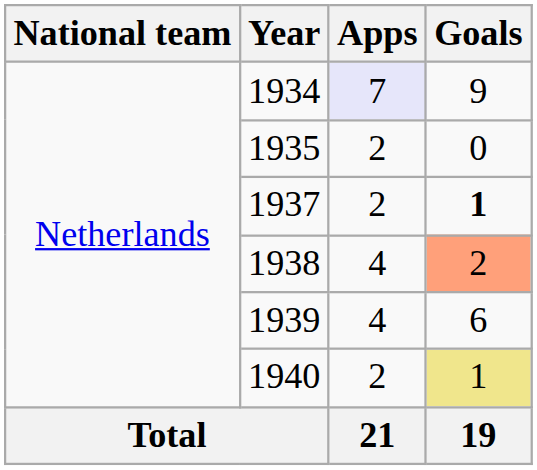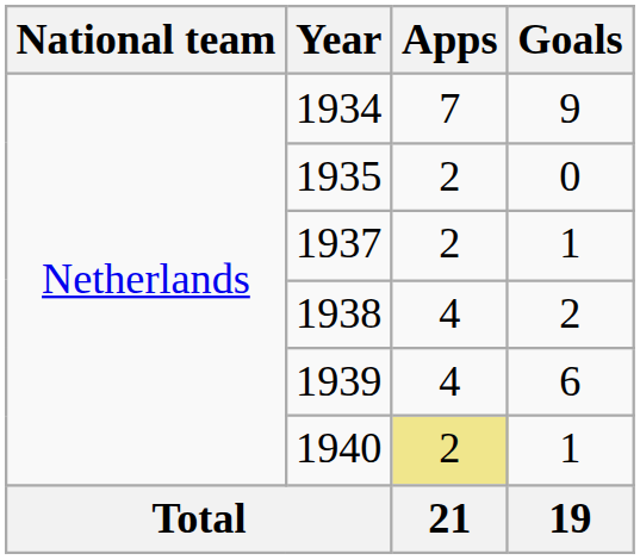 <table class="wikitable" style="text-align:center">
 <tr>
 <th>National team</th>
 <th>Year</th>
 <th>Apps</th>
 <th>Goals</th>
 </tr>
 <tr>
 <td rowspan="6"><a href='#'>Netherlands</a></td>
 <td>1934</td>
-<td style="background: lavender;">7</td>
+<td>7</td>
 <td>9</td>
 </tr>
 <tr>
 <td>1935</td>
 <td>2</td>
 <td>0</td>
 </tr>
 <tr>
 <td>1937</td>
 <td>2</td>
-<td><strong>1</strong></td>
+<td>1</td>
 </tr>
 <tr>
 <td>1938</td>
 <td>4</td>
-<td style="background: lightsalmon;">2</td>
+<td>2</td>
 </tr>
 <tr>
 <td>1939</td>
 <td>4</td>
 <td>6</td>
 </tr>
 <tr>
 <td>1940</td>
-<td>2</td>
-<td style="background: khaki;">1</td>
+<td style="background: khaki;">2</td>
+<td>1</td>
 </tr>
 <tr>
 <th colspan="2">Total</th>
 <th>21</th>
 <th>19</th>
 </tr>
 </table>
